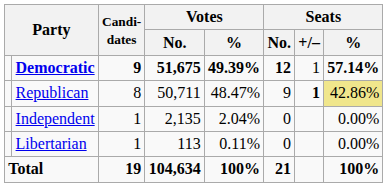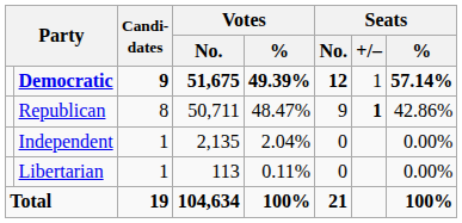 <table class="wikitable" style="font-size:100%; text-align:right;">
 <tr>
 <th colspan=2 rowspan=2>Party</th>
 <th rowspan=2><small>Candi-<br>dates</small></th>
 <th colspan=2>Votes</th>
 <th colspan=3>Seats</th>
 </tr>
 <tr>
 <th>No.</th>
 <th>%</th>
 <th>No.</th>
 <th>+/–</th>
 <th>%</th>
 </tr>
 <tr>
 <td style="background:"></td>
 <td align=left><strong><a href='#'>Democratic</a></strong></td>
 <td><strong>9</strong></td>
 <td><strong>51,675</strong></td>
 <td><strong>49.39%</strong></td>
 <td><strong>12</strong></td>
 <td>1</td>
 <td><strong>57.14%</strong></td>
 </tr>
 <tr>
 <td style="background:"></td>
 <td align=left><a href='#'>Republican</a></td>
 <td>8</td>
 <td>50,711</td>
 <td>48.47%</td>
 <td>9</td>
 <td><strong>1</strong></td>
-<td style="background: khaki;">42.86%</td>
+<td>42.86%</td>
 </tr>
 <tr>
 <td style="background:"></td>
 <td align=left><a href='#'>Independent</a></td>
 <td>1</td>
 <td>2,135</td>
 <td>2.04%</td>
 <td>0</td>
 <td></td>
 <td>0.00%</td>
 </tr>
 <tr>
 <td style="background:"></td>
 <td align=left><a href='#'>Libertarian</a></td>
 <td>1</td>
 <td>113</td>
 <td>0.11%</td>
 <td>0</td>
 <td></td>
 <td>0.00%</td>
 </tr>
 <tr>
 </tr>
 <tr style="font-weight:bold">
 <td colspan=2 align=left>Total</td>
 <td>19</td>
 <td>104,634</td>
 <td>100%</td>
 <td>21</td>
 <td></td>
 <td>100%</td>
 </tr>
 </table>
